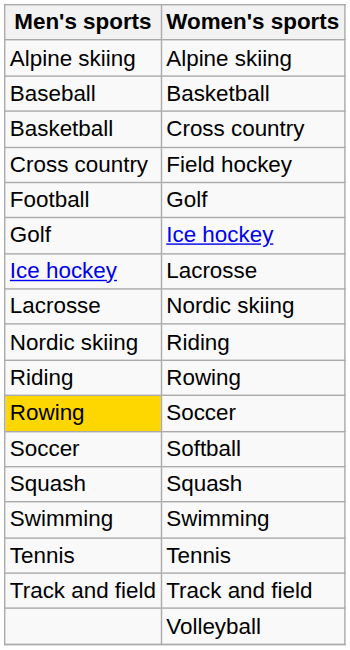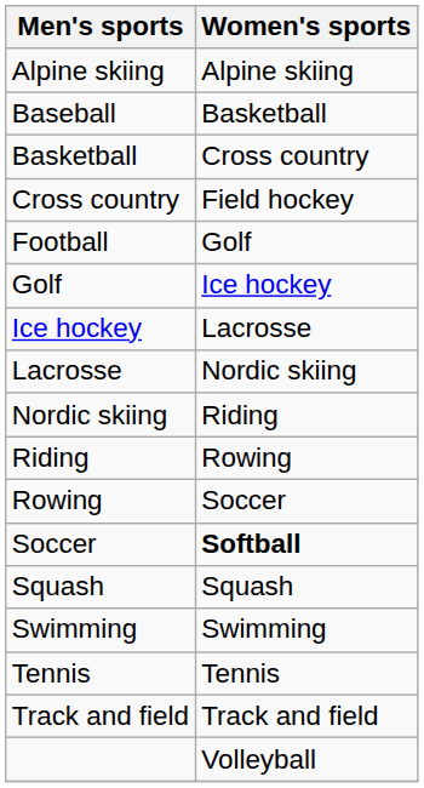 <table class="wikitable">
 <tr>
 <th>Men's sports</th>
 <th>Women's sports</th>
 </tr>
 <tr>
 <td>Alpine skiing</td>
 <td>Alpine skiing</td>
 </tr>
 <tr>
 <td>Baseball</td>
 <td>Basketball</td>
 </tr>
 <tr>
 <td>Basketball</td>
 <td>Cross country</td>
 </tr>
 <tr>
 <td>Cross country</td>
 <td>Field hockey</td>
 </tr>
 <tr>
 <td>Football</td>
 <td>Golf</td>
 </tr>
 <tr>
 <td>Golf</td>
 <td><a href='#'>Ice hockey</a></td>
 </tr>
 <tr>
 <td><a href='#'>Ice hockey</a></td>
 <td>Lacrosse</td>
 </tr>
 <tr>
 <td>Lacrosse</td>
 <td>Nordic skiing</td>
 </tr>
 <tr>
 <td>Nordic skiing</td>
 <td>Riding</td>
 </tr>
 <tr>
 <td>Riding</td>
 <td>Rowing</td>
 </tr>
 <tr>
-<td style="background: gold;">Rowing</td>
+<td>Rowing</td>
 <td>Soccer</td>
 </tr>
 <tr>
 <td>Soccer</td>
-<td>Softball</td>
+<td><strong>Softball</strong></td>
 </tr>
 <tr>
 <td>Squash</td>
 <td>Squash</td>
 </tr>
 <tr>
 <td>Swimming</td>
 <td>Swimming</td>
 </tr>
 <tr>
 <td>Tennis</td>
 <td>Tennis</td>
 </tr>
 <tr>
 <td>Track and field</td>
 <td>Track and field</td>
 </tr>
 <tr>
 <td></td>
 <td>Volleyball</td>
 </tr>
 <tr>
 </tr>
 </table>
